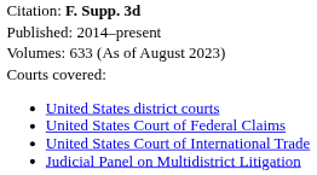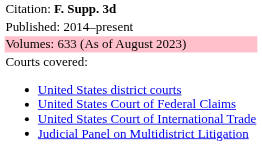 <table border=0>
 <tr>
 <td>Citation: <strong>F. Supp. 3d</strong></td>
 </tr>
 <tr>
 <td>Published: 2014–present</td>
 </tr>
 <tr>
-<td>Volumes: 633 (As of August 2023)</td>
+<td style="background: pink;">Volumes: 633 (As of August 2023)</td>
 </tr>
 <tr>
 <td>Courts covered:<br><ul><li><a href='#'>United States district courts</a></li><li><a href='#'>United States Court of Federal Claims</a></li><li><a href='#'>United States Court of International Trade</a></li><li><a href='#'>Judicial Panel on Multidistrict Litigation</a></li></ul></td>
 </tr>
 </table>
